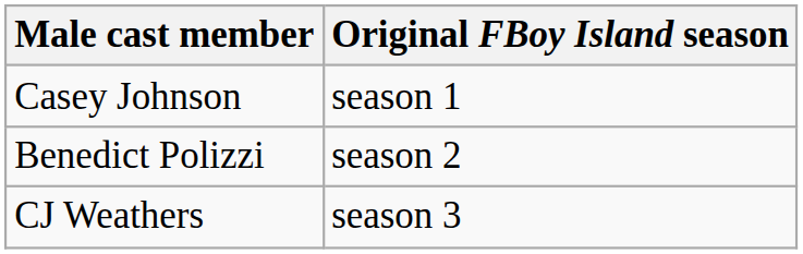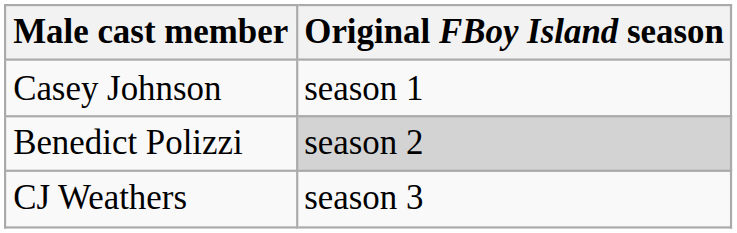 <table class="wikitable sortable" style="font-size:100%; white-space:nowrap">
 <tr>
 <th>Male cast member</th>
 <th>Original <em>FBoy Island</em> season</th>
 </tr>
 <tr>
 <td>Casey Johnson</td>
 <td>season 1</td>
 </tr>
 <tr>
 <td>Benedict Polizzi</td>
-<td>season 2</td>
+<td style="background: lightgrey;">season 2</td>
 </tr>
 <tr>
 <td>CJ Weathers</td>
 <td>season 3</td>
 </tr>
 </table>
